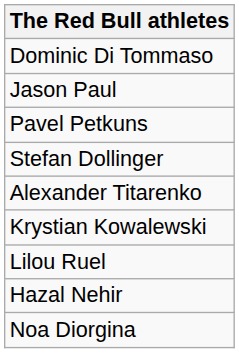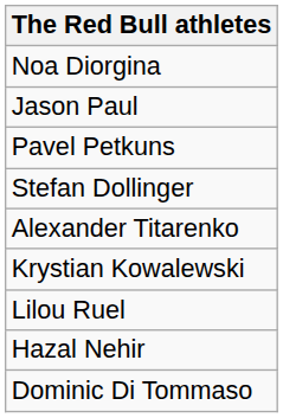 <table class="wikitable">
 <tr>
 <th>The Red Bull athletes</th>
 </tr>
 <tr>
-<td> Dominic Di Tommaso</td>
+<td> Noa Diorgina </td>
 </tr>
 <tr>
 <td> Jason Paul</td>
 </tr>
 <tr>
 <td> Pavel Petkuns</td>
 </tr>
 <tr>
 <td> Stefan Dollinger </td>
 </tr>
 <tr>
 <td> Alexander Titarenko</td>
 </tr>
 <tr>
 <td> Krystian Kowalewski</td>
 </tr>
 <tr>
 <td> Lilou Ruel </td>
 </tr>
 <tr>
 <td> Hazal Nehir</td>
 </tr>
 <tr>
-<td> Noa Diorgina </td>
+<td> Dominic Di Tommaso</td>
 </tr>
 </table>
